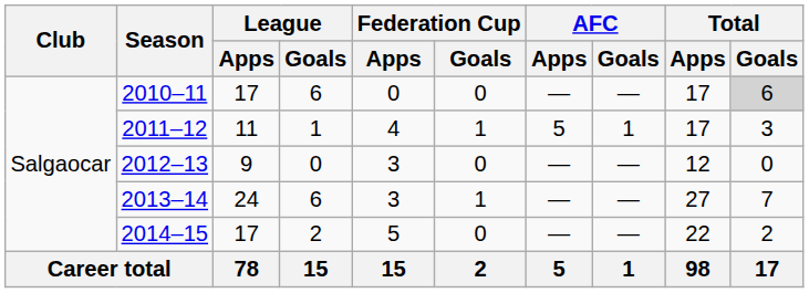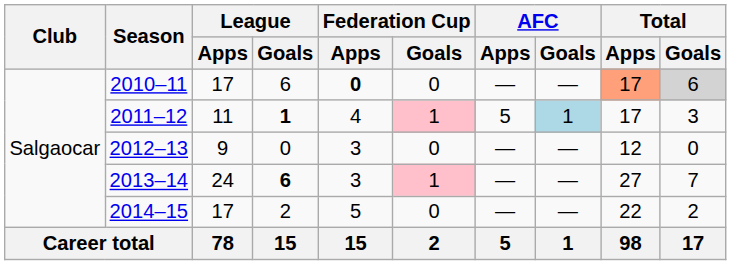 <table class="wikitable" style="font-size:90%; text-align:center;">
 <tr>
 <th rowspan="2">Club</th>
 <th rowspan="2">Season</th>
 <th colspan="2">League</th>
 <th colspan="2">Federation Cup</th>
 <th colspan="2"><a href='#'>AFC</a></th>
 <th colspan="2">Total</th>
 </tr>
 <tr>
 <th>Apps</th>
 <th>Goals</th>
 <th>Apps</th>
 <th>Goals</th>
 <th>Apps</th>
 <th>Goals</th>
 <th>Apps</th>
 <th>Goals</th>
 </tr>
 <tr>
 <td rowspan="5">Salgaocar</td>
 <td><a href='#'>2010–11</a></td>
 <td>17</td>
 <td>6</td>
-<td>0</td>
+<td><strong>0</strong></td>
 <td>0</td>
 <td>—</td>
 <td>—</td>
-<td>17</td>
+<td style="background: lightsalmon;">17</td>
 <td style="background: lightgrey;">6</td>
 </tr>
 <tr>
 <td><a href='#'>2011–12</a></td>
 <td>11</td>
-<td>1</td>
+<td><strong>1</strong></td>
 <td>4</td>
-<td>1</td>
+<td style="background: pink;">1</td>
 <td>5</td>
-<td>1</td>
+<td style="background: lightblue;">1</td>
 <td>17</td>
 <td>3</td>
 </tr>
 <tr>
 <td><a href='#'>2012–13</a></td>
 <td>9</td>
 <td>0</td>
 <td>3</td>
 <td>0</td>
 <td>—</td>
 <td>—</td>
 <td>12</td>
 <td>0</td>
 </tr>
 <tr>
 <td><a href='#'>2013–14</a></td>
 <td>24</td>
-<td>6</td>
+<td><strong>6</strong></td>
 <td>3</td>
-<td>1</td>
+<td style="background: pink;">1</td>
 <td>—</td>
 <td>—</td>
 <td>27</td>
 <td>7</td>
 </tr>
 <tr>
 <td><a href='#'>2014–15</a></td>
 <td>17</td>
 <td>2</td>
 <td>5</td>
 <td>0</td>
 <td>—</td>
 <td>—</td>
 <td>22</td>
 <td>2</td>
 </tr>
 <tr>
 <th colspan="2">Career total</th>
 <th>78</th>
 <th>15</th>
 <th>15</th>
 <th>2</th>
 <th>5</th>
 <th>1</th>
 <th>98</th>
 <th>17</th>
 </tr>
 </table>
